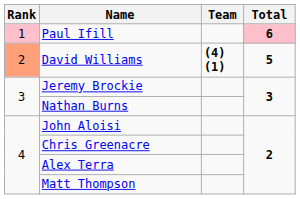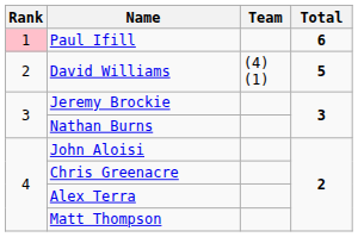 <table class="wikitable" style="text-align:center;">
 <tr>
 <th width=30>Rank</th>
 <th width=170>Name</th>
 <th width=40>Team</th>
 <th width=50>Total</th>
 </tr>
 <tr>
 <td style="background: pink;">1</td>
 <td align=left> <a href='#'>Paul Ifill</a></td>
 <td align=left></td>
-<td style="background: pink;"><strong>6</strong></td>
+<td><strong>6</strong></td>
 </tr>
 <tr>
-<td style="background: lightsalmon;">2</td>
+<td>2</td>
 <td align=left> <a href='#'>David Williams</a></td>
-<td align=left><strong> (4)<br> (1)</strong></td>
+<td align=left> (4)<br> (1)</td>
 <td><strong>5</strong></td>
 </tr>
 <tr>
 <td rowspan=2>3</td>
 <td align=left> <a href='#'>Jeremy Brockie</a></td>
 <td align=left></td>
 <td rowspan=2><strong>3</strong></td>
 </tr>
 <tr>
 <td align=left> <a href='#'>Nathan Burns</a></td>
 <td align=left></td>
 </tr>
 <tr>
 <td rowspan=4>4</td>
 <td align=left> <a href='#'>John Aloisi</a></td>
 <td align=left></td>
 <td rowspan=4><strong>2</strong></td>
 </tr>
 <tr>
 <td align=left> <a href='#'>Chris Greenacre</a></td>
 <td align=left></td>
 </tr>
 <tr>
 <td align=left> <a href='#'>Alex Terra</a></td>
 <td align=left></td>
 </tr>
 <tr>
 <td align=left> <a href='#'>Matt Thompson</a></td>
 <td align=left></td>
 </tr>
 </table>
